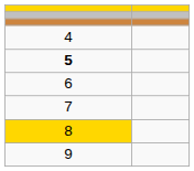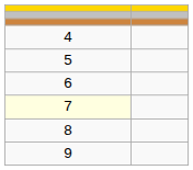 <table class="wikitable" style="width:200px;">
 <tr style="background:gold;">
 <td align=center></td>
 <td></td>
 </tr>
 <tr style="background:silver;">
 <td align=center></td>
 <td></td>
 </tr>
 <tr style="background:peru;">
 <td align=center></td>
 <td></td>
 </tr>
 <tr>
 <td align=center>4</td>
 <td></td>
 </tr>
 <tr>
-<td align=center><strong>5</strong></td>
+<td align=center>5</td>
 <td></td>
 </tr>
 <tr>
 <td align=center>6</td>
 <td></td>
 </tr>
 <tr>
-<td align=center>7</td>
+<td align=center style="background: lightyellow;">7</td>
 <td></td>
 </tr>
 <tr>
-<td align=center style="background: gold;">8</td>
+<td align=center>8</td>
 <td></td>
 </tr>
 <tr>
 <td align=center>9</td>
 <td></td>
 </tr>
 </table>
